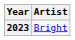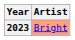 <table class="wikitable mw-collapsible mw-collapsed" style="font-size:small; text-align:center">
 <tr>
 <th>Year</th>
 <th>Artist</th>
 </tr>
 <tr>
 <th>2023</th>
-<td><a href='#'>Bright</a></td>
+<td style="background: lightsalmon;"><a href='#'>Bright</a></td>
 </tr>
 </table>
